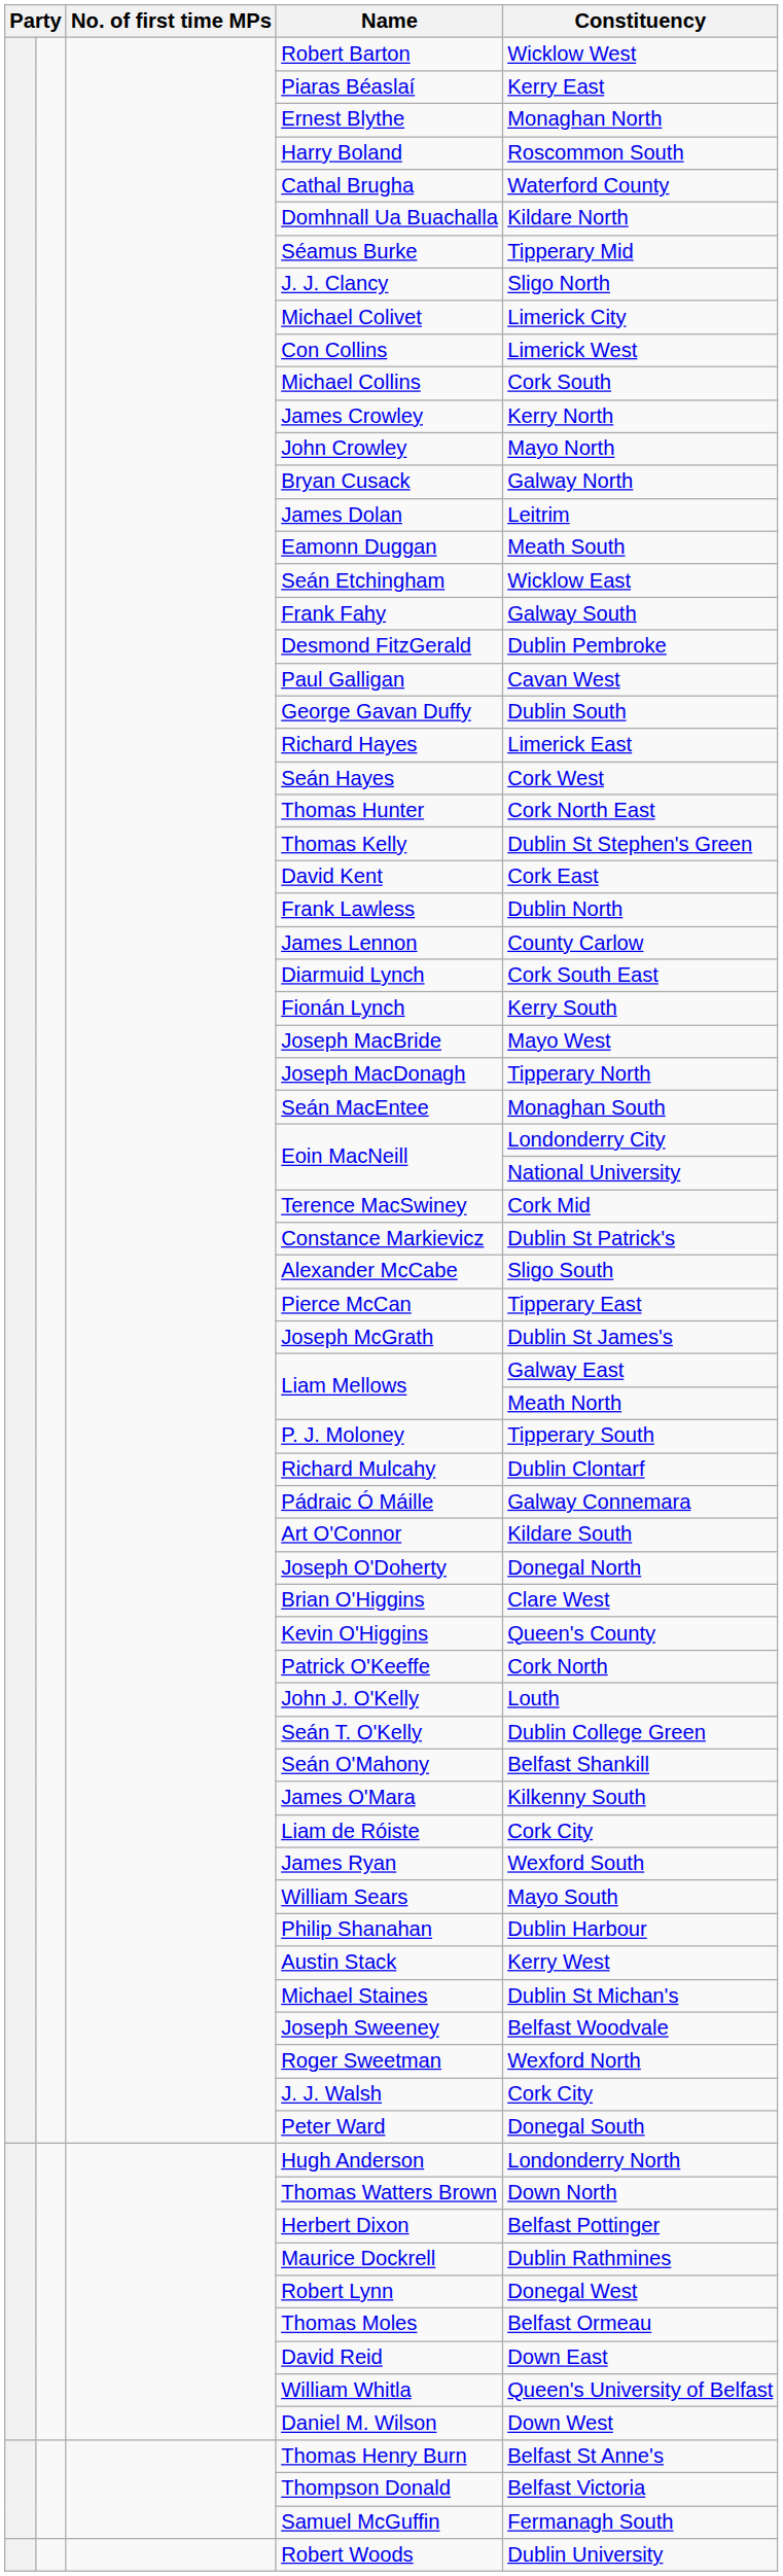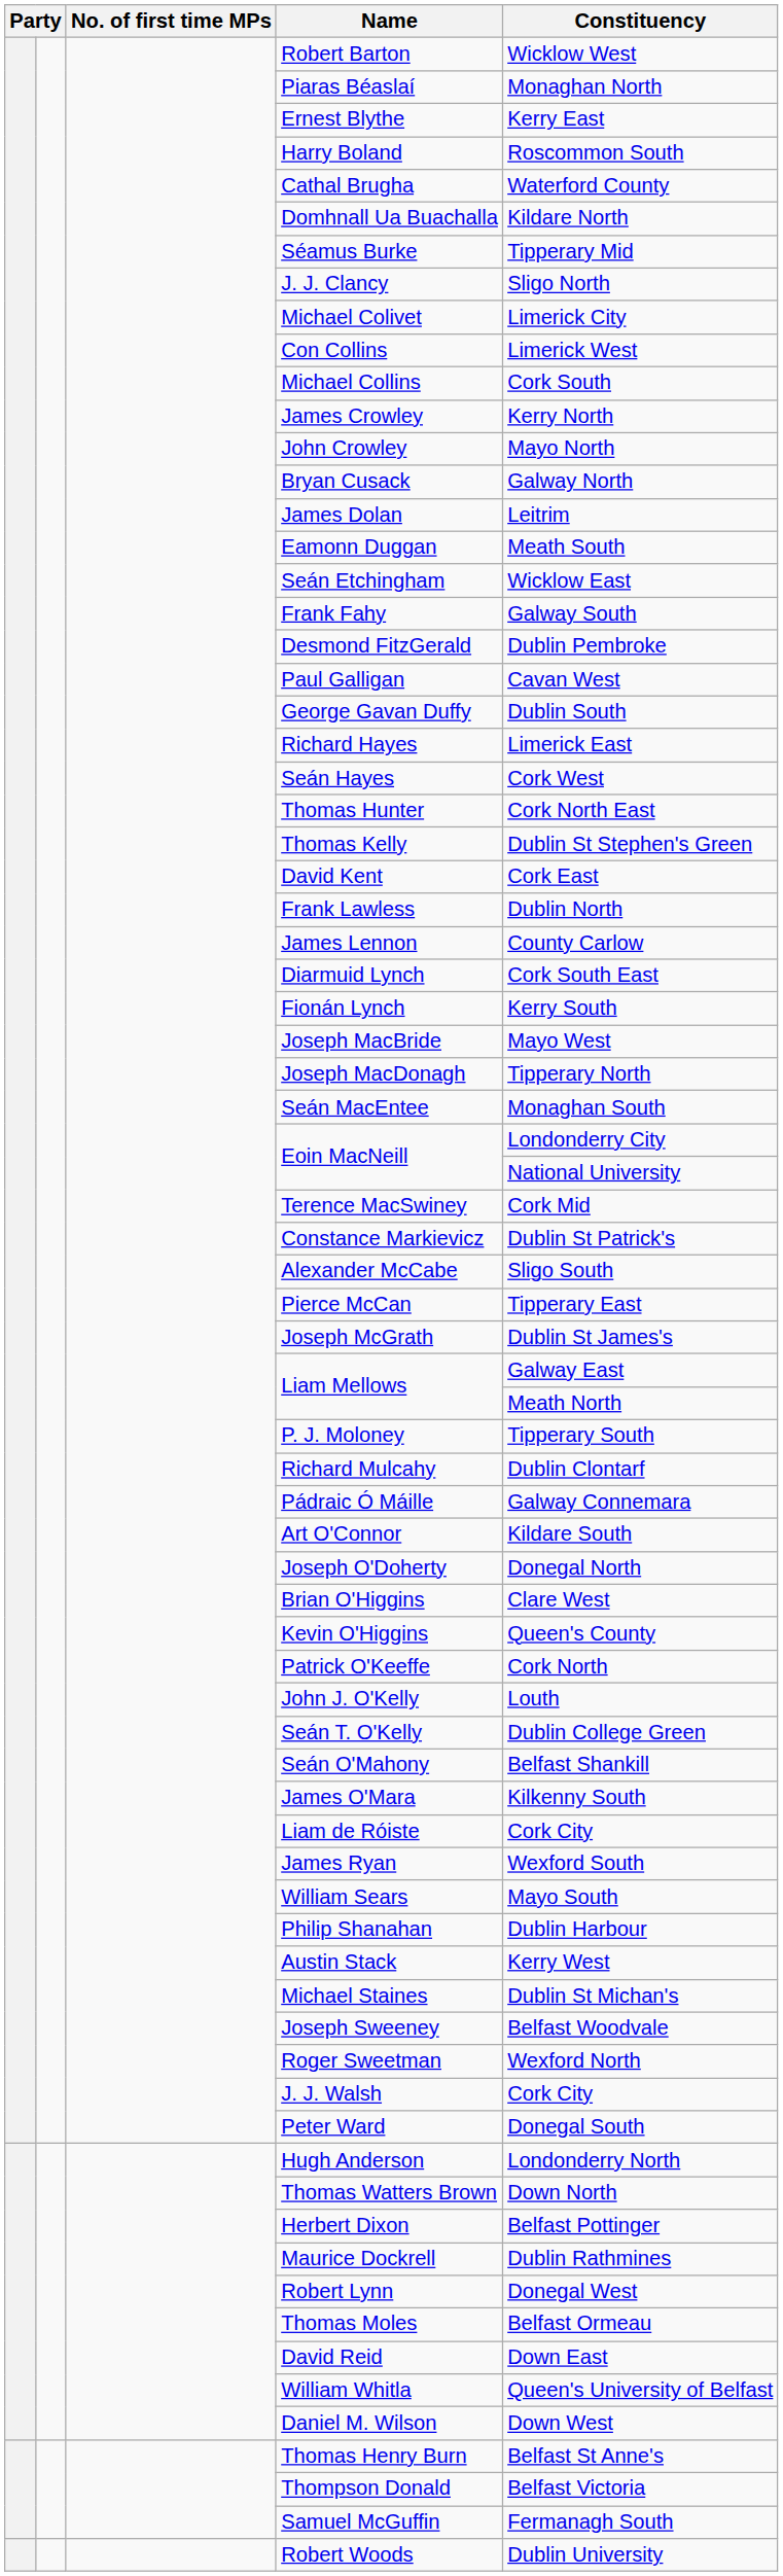 <table class="wikitable collapsible" style="font-size: 100%;">
 <tr>
 <th colspan=2>Party</th>
 <th>No. of first time MPs</th>
 <th>Name</th>
 <th>Constituency</th>
 </tr>
 <tr>
 <th rowspan="64" style="background-color: "></th>
 <td rowspan="64"></td>
 <td rowspan="64"></td>
 <td data-sort-value="Barton, Robert"><a href='#'>Robert Barton</a></td>
 <td><a href='#'>Wicklow West</a></td>
 </tr>
 <tr>
 <td data-sort-value="Béaslaí, Piaras"><a href='#'>Piaras Béaslaí</a></td>
-<td><a href='#'>Kerry East</a></td>
+<td><a href='#'>Monaghan North</a></td>
 </tr>
 <tr>
 <td data-sort-value="Blythe, Ernest"><a href='#'>Ernest Blythe</a></td>
-<td><a href='#'>Monaghan North</a></td>
+<td><a href='#'>Kerry East</a></td>
 </tr>
 <tr>
 <td data-sort-value="Boland, Harry"><a href='#'>Harry Boland</a></td>
 <td><a href='#'>Roscommon South</a></td>
 </tr>
 <tr>
 <td data-sort-value="Brugha, Cathal"><a href='#'>Cathal Brugha</a></td>
 <td><a href='#'>Waterford County</a></td>
 </tr>
 <tr>
 <td data-sort-value="Buachalla, Domhnall Ua"><a href='#'>Domhnall Ua Buachalla</a></td>
 <td><a href='#'>Kildare North</a></td>
 </tr>
 <tr>
 <td data-sort-value="Burke, Séamus"><a href='#'>Séamus Burke</a></td>
 <td><a href='#'>Tipperary Mid</a></td>
 </tr>
 <tr>
 <td data-sort-value="Clancy, J. J."><a href='#'>J. J. Clancy</a></td>
 <td><a href='#'>Sligo North</a></td>
 </tr>
 <tr>
 <td data-sort-value="Colivet, Michael"><a href='#'>Michael Colivet</a></td>
 <td><a href='#'>Limerick City</a></td>
 </tr>
 <tr>
 <td data-sort-value="Collins, Con"><a href='#'>Con Collins</a></td>
 <td><a href='#'>Limerick West</a></td>
 </tr>
 <tr>
 <td data-sort-value="Collins, Michael"><a href='#'>Michael Collins</a></td>
 <td><a href='#'>Cork South</a></td>
 </tr>
 <tr>
 <td data-sort-value="Crowley, James"><a href='#'>James Crowley</a></td>
 <td><a href='#'>Kerry North</a></td>
 </tr>
 <tr>
 <td data-sort-value="Crowley, John"><a href='#'>John Crowley</a></td>
 <td><a href='#'>Mayo North</a></td>
 </tr>
 <tr>
 <td data-sort-value="Cusack, Bryan"><a href='#'>Bryan Cusack</a></td>
 <td><a href='#'>Galway North</a></td>
 </tr>
 <tr>
 <td data-sort-value="Dolan, James"><a href='#'>James Dolan</a></td>
 <td><a href='#'>Leitrim</a></td>
 </tr>
 <tr>
 <td data-sort-value="Duggan, Eamonn"><a href='#'>Eamonn Duggan</a></td>
 <td><a href='#'>Meath South</a></td>
 </tr>
 <tr>
 <td data-sort-value="Etchingham, Seán"><a href='#'>Seán Etchingham</a></td>
 <td><a href='#'>Wicklow East</a></td>
 </tr>
 <tr>
 <td data-sort-value="Fahy, Frank"><a href='#'>Frank Fahy</a></td>
 <td><a href='#'>Galway South</a></td>
 </tr>
 <tr>
 <td data-sort-value="FitzGerald, Desmond"><a href='#'>Desmond FitzGerald</a></td>
 <td><a href='#'>Dublin Pembroke</a></td>
 </tr>
 <tr>
 <td data-sort-value="Galligan, Paul"><a href='#'>Paul Galligan</a></td>
 <td><a href='#'>Cavan West</a></td>
 </tr>
 <tr>
 <td data-sort-value="Gavan Duffy, George"><a href='#'>George Gavan Duffy</a></td>
 <td><a href='#'>Dublin South</a></td>
 </tr>
 <tr>
 <td data-sort-value="Hayes, Richard"><a href='#'>Richard Hayes</a></td>
 <td><a href='#'>Limerick East</a></td>
 </tr>
 <tr>
 <td data-sort-value="Hayes, Seán"><a href='#'>Seán Hayes</a></td>
 <td><a href='#'>Cork West</a></td>
 </tr>
 <tr>
 <td data-sort-value="Hunter, Thomas"><a href='#'>Thomas Hunter</a></td>
 <td><a href='#'>Cork North East</a></td>
 </tr>
 <tr>
 <td data-sort-value="Kelly, Thomas"><a href='#'>Thomas Kelly</a></td>
 <td><a href='#'>Dublin St Stephen's Green</a></td>
 </tr>
 <tr>
 <td data-sort-value="Kent, David"><a href='#'>David Kent</a></td>
 <td><a href='#'>Cork East</a></td>
 </tr>
 <tr>
 <td data-sort-value="Lawless, Frank"><a href='#'>Frank Lawless</a></td>
 <td><a href='#'>Dublin North</a></td>
 </tr>
 <tr>
 <td data-sort-value="Lennon, James"><a href='#'>James Lennon</a></td>
 <td><a href='#'>County Carlow</a></td>
 </tr>
 <tr>
 <td data-sort-value="Lynch, Diarmuid"><a href='#'>Diarmuid Lynch</a></td>
 <td><a href='#'>Cork South East</a></td>
 </tr>
 <tr>
 <td data-sort-value="Lynch, Fionán"><a href='#'>Fionán Lynch</a></td>
 <td><a href='#'>Kerry South</a></td>
 </tr>
 <tr>
 <td data-sort-value="MacBride, Joseph"><a href='#'>Joseph MacBride</a></td>
 <td><a href='#'>Mayo West</a></td>
 </tr>
 <tr>
 <td data-sort-value="MacDonagh, Joseph"><a href='#'>Joseph MacDonagh</a></td>
 <td><a href='#'>Tipperary North</a></td>
 </tr>
 <tr>
 <td data-sort-value="MacEntee, Seán"><a href='#'>Seán MacEntee</a></td>
 <td><a href='#'>Monaghan South</a></td>
 </tr>
 <tr>
 <td data-sort-value="MacNeill, Eoin" rowspan="2"><a href='#'>Eoin MacNeill</a></td>
 <td><a href='#'>Londonderry City</a></td>
 </tr>
 <tr>
 <td><a href='#'>National University</a></td>
 </tr>
 <tr>
 <td data-sort-value="MacSwiney, Terence"><a href='#'>Terence MacSwiney</a></td>
 <td><a href='#'>Cork Mid</a></td>
 </tr>
 <tr>
 <td data-sort-value="Markievicz, Constance"><a href='#'>Constance Markievicz</a></td>
 <td><a href='#'>Dublin St Patrick's</a></td>
 </tr>
 <tr>
 <td data-sort-value="McCabe, Alexander"><a href='#'>Alexander McCabe</a></td>
 <td><a href='#'>Sligo South</a></td>
 </tr>
 <tr>
 <td data-sort-value="McCan, Pierce"><a href='#'>Pierce McCan</a></td>
 <td><a href='#'>Tipperary East</a></td>
 </tr>
 <tr>
 <td data-sort-value="McGrath, Joseph"><a href='#'>Joseph McGrath</a></td>
 <td><a href='#'>Dublin St James's</a></td>
 </tr>
 <tr>
 <td data-sort-value="Mellows, Liam" rowspan="2"><a href='#'>Liam Mellows</a></td>
 <td><a href='#'>Galway East</a></td>
 </tr>
 <tr>
 <td><a href='#'>Meath North</a></td>
 </tr>
 <tr>
 <td data-sort-value="Moloney, P. J."><a href='#'>P. J. Moloney</a></td>
 <td><a href='#'>Tipperary South</a></td>
 </tr>
 <tr>
 <td data-sort-value="Mulcahy, Richard"><a href='#'>Richard Mulcahy</a></td>
 <td><a href='#'>Dublin Clontarf</a></td>
 </tr>
 <tr>
 <td data-sort-value="Ó Máille, Pádraic"><a href='#'>Pádraic Ó Máille</a></td>
 <td><a href='#'>Galway Connemara</a></td>
 </tr>
 <tr>
 <td data-sort-value="O'Connor, Art"><a href='#'>Art O'Connor</a></td>
 <td><a href='#'>Kildare South</a></td>
 </tr>
 <tr>
 <td data-sort-value="O'Doherty, Joseph"><a href='#'>Joseph O'Doherty</a></td>
 <td><a href='#'>Donegal North</a></td>
 </tr>
 <tr>
 <td data-sort-value="O'Higgins, Brian"><a href='#'>Brian O'Higgins</a></td>
 <td><a href='#'>Clare West</a></td>
 </tr>
 <tr>
 <td data-sort-value="O'Higgins, Kevin"><a href='#'>Kevin O'Higgins</a></td>
 <td><a href='#'>Queen's County</a></td>
 </tr>
 <tr>
 <td data-sort-value="O'Keeffe, Patrick"><a href='#'>Patrick O'Keeffe</a></td>
 <td><a href='#'>Cork North</a></td>
 </tr>
 <tr>
 <td data-sort-value="O'Kelly, John J."><a href='#'>John J. O'Kelly</a></td>
 <td><a href='#'>Louth</a></td>
 </tr>
 <tr>
 <td data-sort-value="O'Kelly, Seán T."><a href='#'>Seán T. O'Kelly</a></td>
 <td><a href='#'>Dublin College Green</a></td>
 </tr>
 <tr>
 <td data-sort-value="O'Mahony, Seán T."><a href='#'>Seán O'Mahony</a></td>
 <td><a href='#'>Belfast Shankill</a></td>
 </tr>
 <tr>
 <td data-sort-value="O'Mara, James"><a href='#'>James O'Mara</a></td>
 <td><a href='#'>Kilkenny South</a></td>
 </tr>
 <tr>
 <td data-sort-value="Róiste, Liam de"><a href='#'>Liam de Róiste</a></td>
 <td><a href='#'>Cork City</a></td>
 </tr>
 <tr>
 <td data-sort-value="Ryan, James"><a href='#'>James Ryan</a></td>
 <td><a href='#'>Wexford South</a></td>
 </tr>
 <tr>
 <td data-sort-value="Sears, William"><a href='#'>William Sears</a></td>
 <td><a href='#'>Mayo South</a></td>
 </tr>
 <tr>
 <td data-sort-value="Shanahan, Philip"><a href='#'>Philip Shanahan</a></td>
 <td><a href='#'>Dublin Harbour</a></td>
 </tr>
 <tr>
 <td data-sort-value="Stack, Austin"><a href='#'>Austin Stack</a></td>
 <td><a href='#'>Kerry West</a></td>
 </tr>
 <tr>
 <td data-sort-value="Staines, Michael"><a href='#'>Michael Staines</a></td>
 <td><a href='#'>Dublin St Michan's</a></td>
 </tr>
 <tr>
 <td data-sort-value="Sweeney, Joseph"><a href='#'>Joseph Sweeney</a></td>
 <td><a href='#'>Belfast Woodvale</a></td>
 </tr>
 <tr>
 <td data-sort-value="Sweetman, Roger"><a href='#'>Roger Sweetman</a></td>
 <td><a href='#'>Wexford North</a></td>
 </tr>
 <tr>
 <td data-sort-value="Walsh, J. J."><a href='#'>J. J. Walsh</a></td>
 <td><a href='#'>Cork City</a></td>
 </tr>
 <tr>
 <td data-sort-value="Ward, Peter"><a href='#'>Peter Ward</a></td>
 <td><a href='#'>Donegal South</a></td>
 </tr>
 <tr>
 <th rowspan="9" style="background-color: "></th>
 <td rowspan="9"></td>
 <td rowspan="9"></td>
 <td data-sort-value="Anderson, Hugh"><a href='#'>Hugh Anderson</a></td>
 <td><a href='#'>Londonderry North</a></td>
 </tr>
 <tr>
 <td data-sort-value="Brown, Thomas Watters"><a href='#'>Thomas Watters Brown</a></td>
 <td><a href='#'>Down North</a></td>
 </tr>
 <tr>
 <td data-sort-value="Dixon, Herbert"><a href='#'>Herbert Dixon</a></td>
 <td><a href='#'>Belfast Pottinger</a></td>
 </tr>
 <tr>
 <td data-sort-value="Dockrell, Maurice"><a href='#'>Maurice Dockrell</a></td>
 <td><a href='#'>Dublin Rathmines</a></td>
 </tr>
 <tr>
 <td data-sort-value="Lynn, Robert"><a href='#'>Robert Lynn</a></td>
 <td><a href='#'>Donegal West</a></td>
 </tr>
 <tr>
 <td data-sort-value="Moles, Thomas"><a href='#'>Thomas Moles</a></td>
 <td><a href='#'>Belfast Ormeau</a></td>
 </tr>
 <tr>
 <td data-sort-value="Reid, David"><a href='#'>David Reid</a></td>
 <td><a href='#'>Down East</a></td>
 </tr>
 <tr>
 <td data-sort-value="Whitla, William"><a href='#'>William Whitla</a></td>
 <td><a href='#'>Queen's University of Belfast</a></td>
 </tr>
 <tr>
 <td data-sort-value="Wilson, Daniel M."><a href='#'>Daniel M. Wilson</a></td>
 <td><a href='#'>Down West</a></td>
 </tr>
 <tr>
 <th rowspan="3" style="background-color: "></th>
 <td rowspan="3"></td>
 <td rowspan="3"></td>
 <td data-sort-value="Burn, Thomas Henry"><a href='#'>Thomas Henry Burn</a></td>
 <td><a href='#'>Belfast St Anne's</a></td>
 </tr>
 <tr>
 <td data-sort-value="Donald, Thompson"><a href='#'>Thompson Donald</a></td>
 <td><a href='#'>Belfast Victoria</a></td>
 </tr>
 <tr>
 <td data-sort-value="McGuffin, Samuel"><a href='#'>Samuel McGuffin</a></td>
 <td><a href='#'>Fermanagh South</a></td>
 </tr>
 <tr>
 <th style="background-color: "></th>
 <td></td>
 <td></td>
 <td data-sort-value="Woods, Robert"><a href='#'>Robert Woods</a></td>
 <td><a href='#'>Dublin University</a></td>
 </tr>
 </table>
